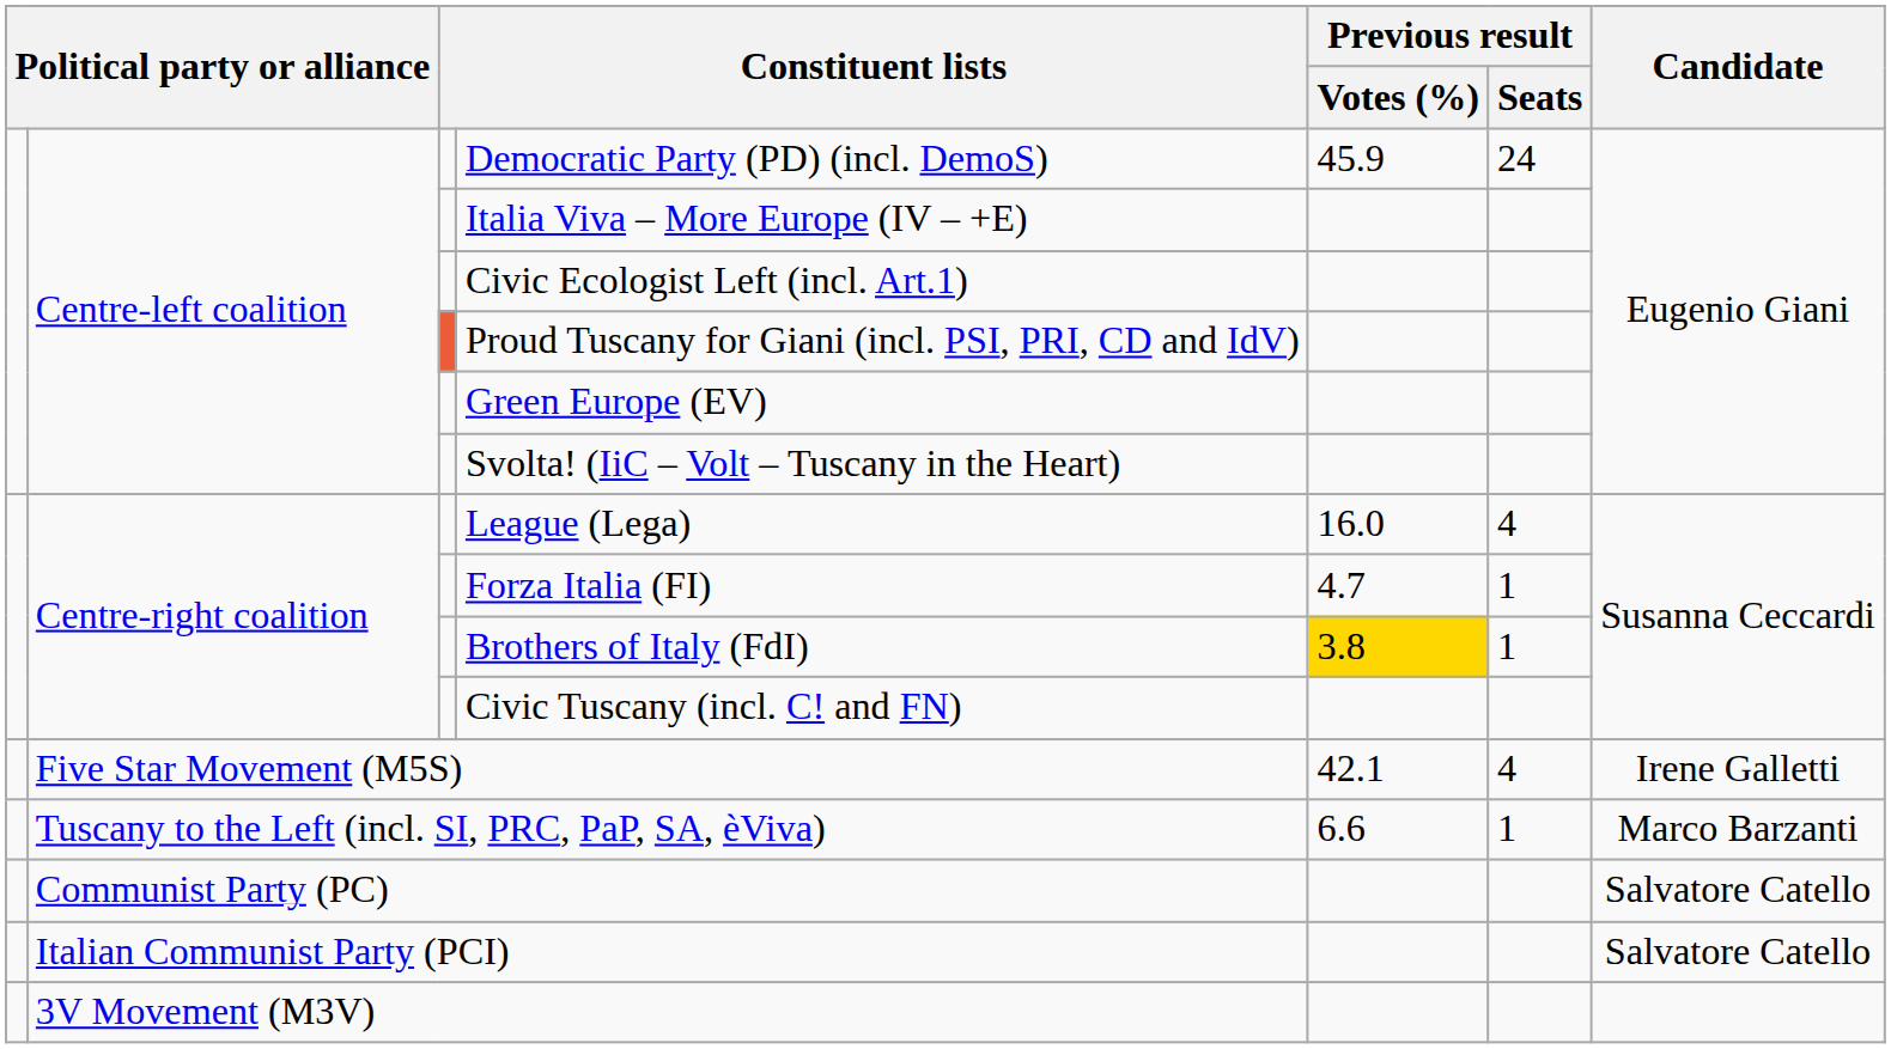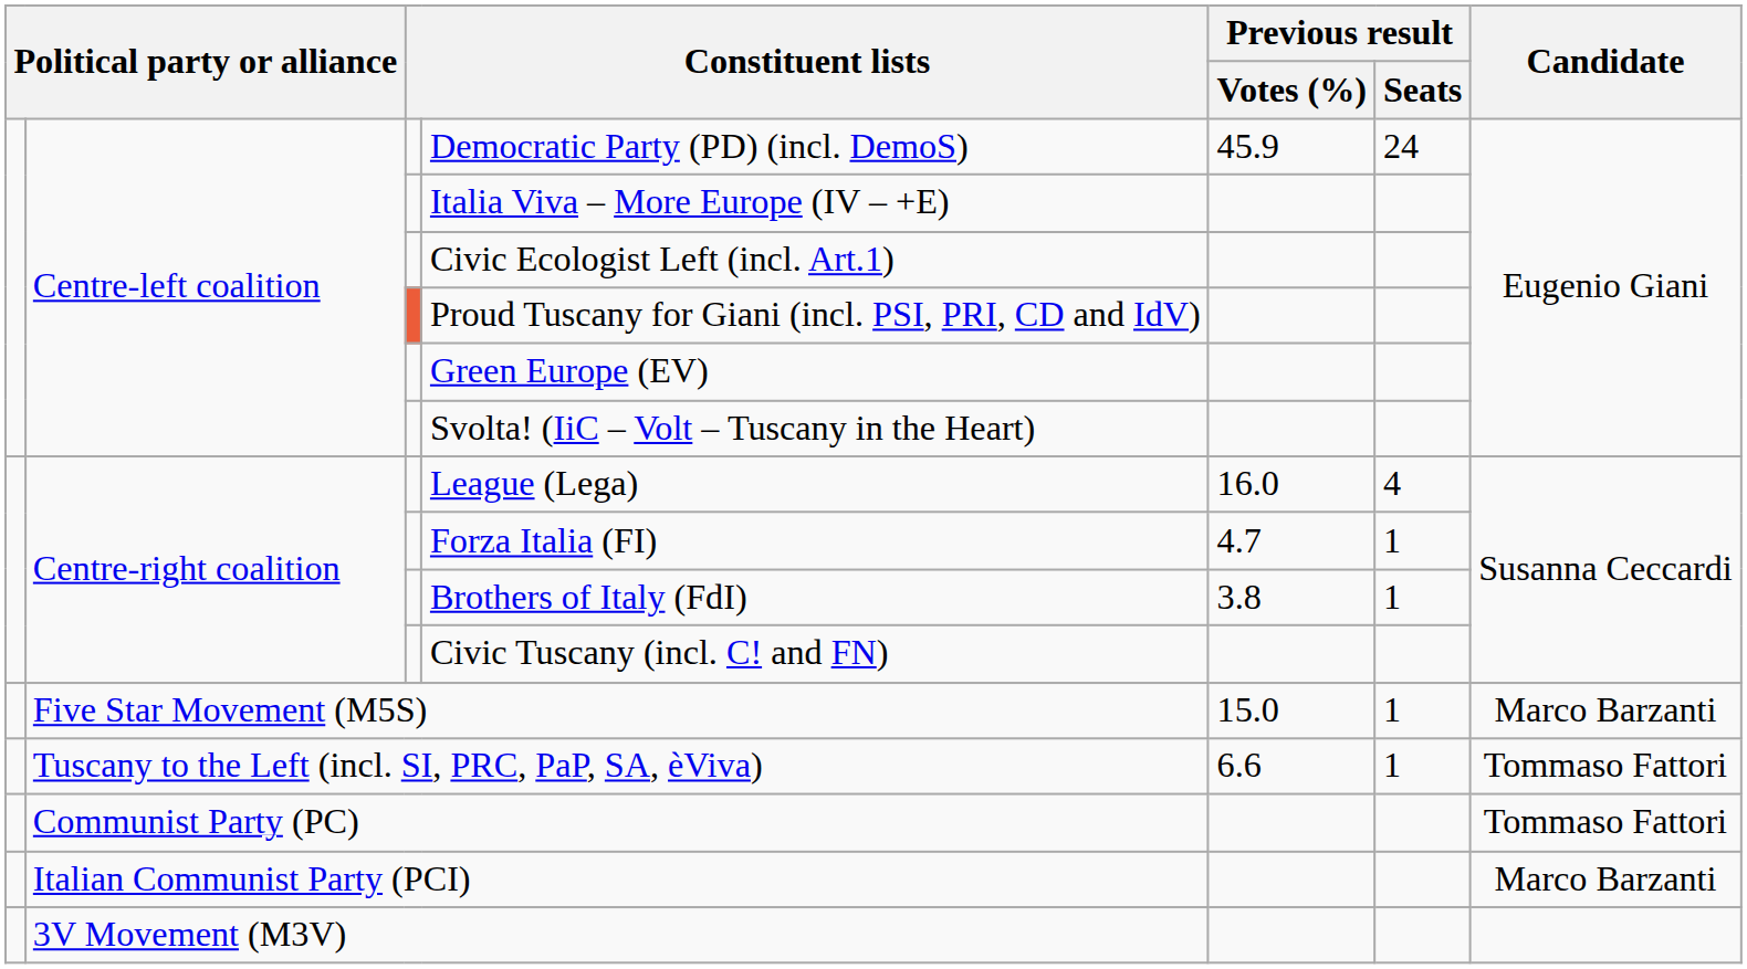 <table class="wikitable" style="text-align:left">
 <tr>
 <th colspan=2 rowspan="2">Political party or alliance</th>
 <th colspan=2 rowspan="2">Constituent lists</th>
 <th colspan="2">Previous result</th>
 <th rowspan="2">Candidate</th>
 </tr>
 <tr>
 <th>Votes (%)</th>
 <th>Seats</th>
 </tr>
 <tr>
 <td rowspan="6"></td>
 <td rowspan="6"><a href='#'>Centre-left coalition</a></td>
 <td></td>
 <td style="text-align:left;"><a href='#'>Democratic Party</a> (PD) (incl. <a href='#'>DemoS</a>)</td>
 <td>45.9</td>
 <td>24</td>
 <td rowspan="6" style="text-align: center;">Eugenio Giani</td>
 </tr>
 <tr>
 <td></td>
 <td><a href='#'>Italia Viva</a> – <a href='#'>More Europe</a> (IV – +E)</td>
 <td></td>
 <td></td>
 </tr>
 <tr>
 <td></td>
 <td>Civic Ecologist Left (incl. <a href='#'>Art.1</a>)</td>
 <td></td>
 <td></td>
 </tr>
 <tr>
 <td bgcolor="EC5C39"></td>
 <td>Proud Tuscany for Giani (incl. <a href='#'>PSI</a>, <a href='#'>PRI</a>, <a href='#'>CD</a> and <a href='#'>IdV</a>)</td>
 <td></td>
 <td></td>
 </tr>
 <tr>
 <td></td>
 <td><a href='#'>Green Europe</a> (EV)</td>
 <td></td>
 <td></td>
 </tr>
 <tr>
 <td></td>
 <td>Svolta! (<a href='#'>IiC</a> – <a href='#'>Volt</a> – Tuscany in the Heart)</td>
 <td></td>
 <td></td>
 </tr>
 <tr>
 <td rowspan="4" style="background:"></td>
 <td rowspan=4><a href='#'>Centre-right coalition</a></td>
 <td></td>
 <td style="text-align:left;"><a href='#'>League</a> (Lega)</td>
 <td>16.0</td>
 <td>4</td>
 <td rowspan="4" style="text-align: center;">Susanna Ceccardi</td>
 </tr>
 <tr>
 <td></td>
 <td style="text-align:left;"><a href='#'>Forza Italia</a> (FI)</td>
 <td>4.7</td>
 <td>1</td>
 </tr>
 <tr>
 <td></td>
 <td style="text-align:left;"><a href='#'>Brothers of Italy</a> (FdI)</td>
-<td style="background: gold;">3.8</td>
+<td>3.8</td>
 <td>1</td>
 </tr>
 <tr>
 <td></td>
 <td>Civic Tuscany (incl. <a href='#'>C!</a> and <a href='#'>FN</a>)</td>
 <td></td>
 <td></td>
 </tr>
 <tr>
 <td style="background-color:"></td>
 <td colspan="3"><a href='#'>Five Star Movement</a> (M5S)</td>
-<td>42.1</td>
-<td>4</td>
-<td style="text-align: center;">Irene Galletti</td>
+<td>15.0</td>
+<td>1</td>
+<td style="text-align: center;">Marco Barzanti</td>
 </tr>
 <tr>
 <td></td>
 <td colspan="3"><a href='#'>Tuscany to the Left</a> (incl. <a href='#'>SI</a>, <a href='#'>PRC</a>, <a href='#'>PaP</a>, <a href='#'>SA</a>, <a href='#'>èViva</a>)</td>
 <td>6.6</td>
 <td>1</td>
-<td style="text-align: center;">Marco Barzanti</td>
+<td style="text-align: center;">Tommaso Fattori</td>
 </tr>
 <tr>
 <td style="background-color:"></td>
 <td colspan="3"><a href='#'>Communist Party</a> (PC)</td>
 <td></td>
 <td></td>
-<td style="text-align: center;">Salvatore Catello</td>
+<td style="text-align: center;">Tommaso Fattori</td>
 </tr>
 <tr>
 <td></td>
 <td colspan="3"><a href='#'>Italian Communist Party</a> (PCI)</td>
 <td></td>
 <td></td>
-<td style="text-align: center;">Salvatore Catello</td>
+<td style="text-align: center;">Marco Barzanti</td>
 </tr>
 <tr>
 <td style="background-color:"></td>
 <td colspan="3"><a href='#'>3V Movement</a> (M3V)</td>
 <td></td>
 <td></td>
 <td></td>
 </tr>
 </table>
